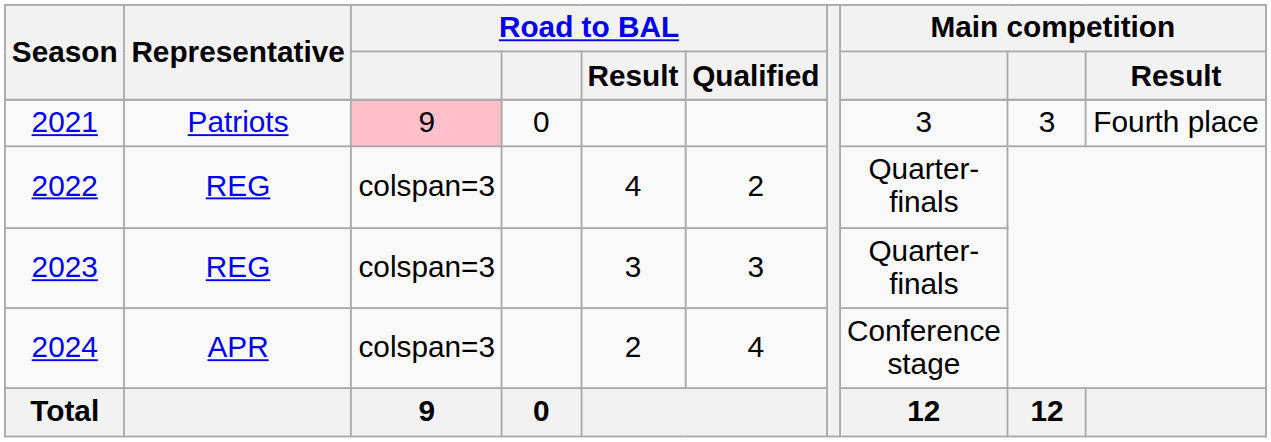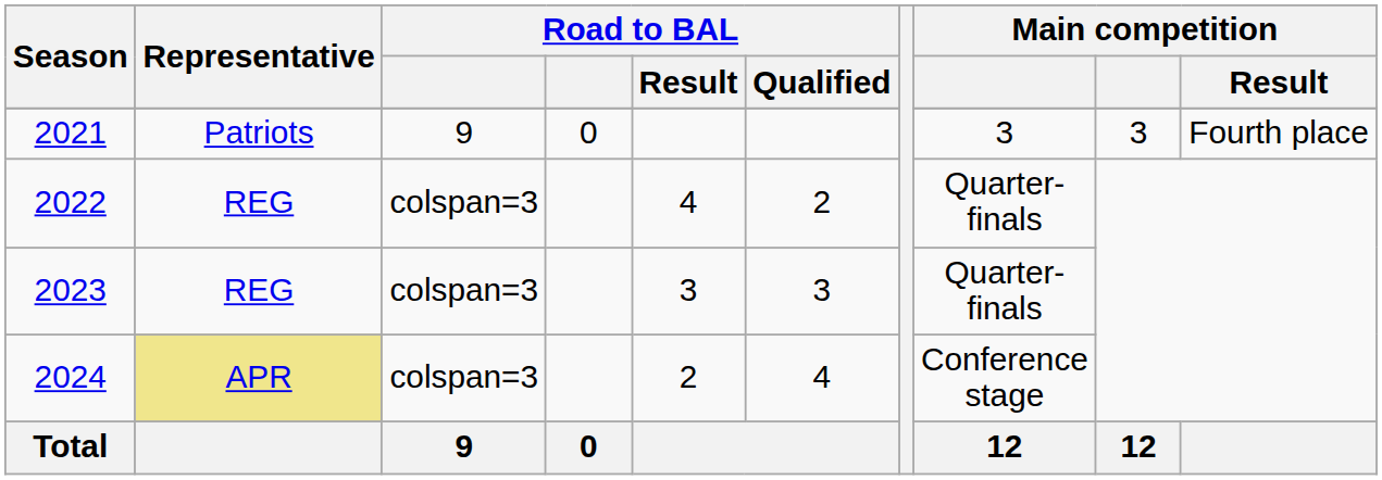 <table class="wikitable" style="text-align:center;">
 <tr>
 <th rowspan="2">Season</th>
 <th rowspan="2">Representative</th>
 <th colspan="4"><a href='#'>Road to BAL</a></th>
 <th rowspan="101"></th>
 <th colspan="3">Main competition</th>
 </tr>
 <tr>
 <th width="35"></th>
 <th width="35"></th>
 <th>Result</th>
 <th>Qualified</th>
 <th width="35"></th>
 <th width="35"></th>
 <th>Result</th>
 </tr>
 <tr>
 </tr>
 <tr>
 <td><a href='#'>2021</a></td>
 <td><a href='#'>Patriots</a></td>
-<td style="background: pink;">9</td>
+<td>9</td>
 <td>0</td>
 <td></td>
 <td></td>
 <td>3</td>
 <td>3</td>
 <td>Fourth place</td>
 </tr>
 <tr>
 <td><a href='#'>2022</a></td>
 <td><a href='#'>REG</a></td>
 <td>colspan=3 </td>
 <td></td>
 <td>4</td>
 <td>2</td>
 <td>Quarter-finals</td>
 </tr>
 <tr>
 <td><a href='#'>2023</a></td>
 <td><a href='#'>REG</a></td>
 <td>colspan=3 </td>
 <td></td>
 <td>3</td>
 <td>3</td>
 <td>Quarter-finals</td>
 </tr>
 <tr>
 <td><a href='#'>2024</a></td>
-<td><a href='#'>APR</a></td>
+<td style="background: khaki;"><a href='#'>APR</a></td>
 <td>colspan=3 </td>
 <td></td>
 <td>2</td>
 <td>4</td>
 <td>Conference stage</td>
 </tr>
 <tr>
 <th>Total</th>
 <th></th>
 <th>9</th>
 <th>0</th>
 <th colspan="2"></th>
 <th>12</th>
 <th>12</th>
 <th></th>
 </tr>
 </table>
